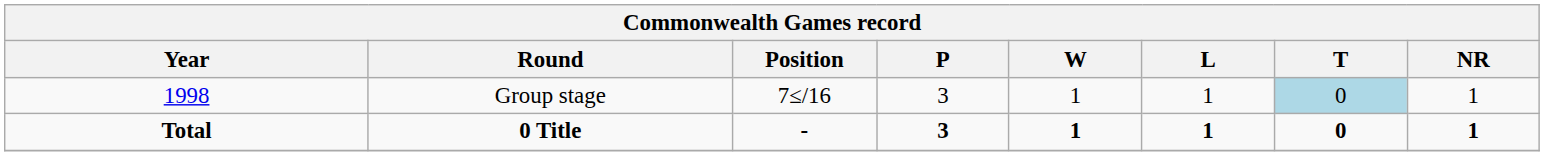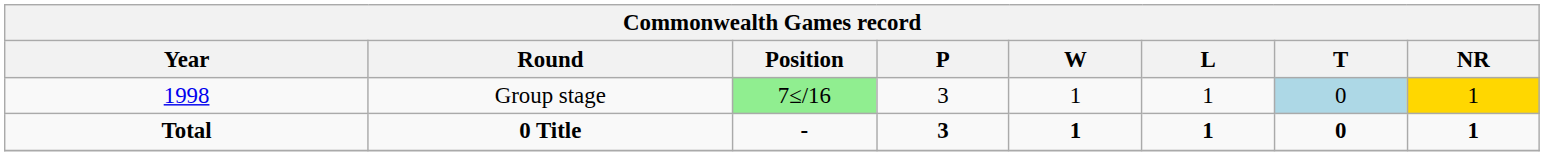 <table class="wikitable" style="text-align: center; width:85%">
 <tr>
 <th colspan="10">Commonwealth Games record</th>
 </tr>
 <tr>
 <th width="150">Year</th>
 <th width="150">Round</th>
 <th width="50">Position</th>
 <th width="50">P</th>
 <th width="50">W</th>
 <th width="50">L</th>
 <th width="50">T</th>
 <th width="50">NR</th>
 </tr>
 <tr>
 <td> <a href='#'>1998</a></td>
 <td>Group stage</td>
-<td>7≤/16</td>
+<td style="background: lightgreen;">7≤/16</td>
 <td>3</td>
 <td>1</td>
 <td>1</td>
 <td style="background: lightblue;">0</td>
-<td>1</td>
+<td style="background: gold;">1</td>
 </tr>
 <tr>
 <td><strong>Total</strong></td>
 <td><strong>0 Title</strong></td>
 <td><strong>-</strong></td>
 <td><strong>3</strong></td>
 <td><strong>1</strong></td>
 <td><strong>1</strong></td>
 <td><strong>0</strong></td>
 <td><strong>1</strong></td>
 </tr>
 <tr>
 </tr>
 </table>
